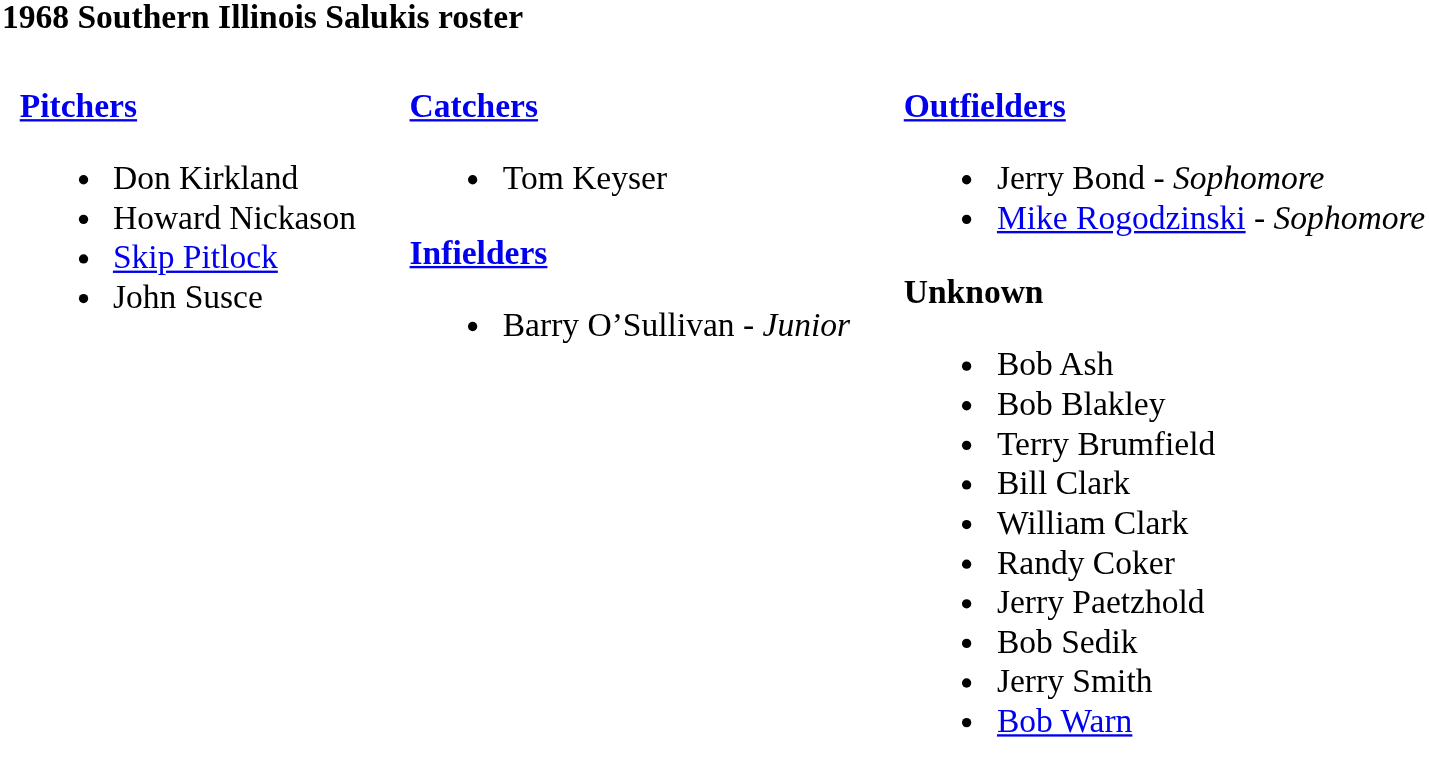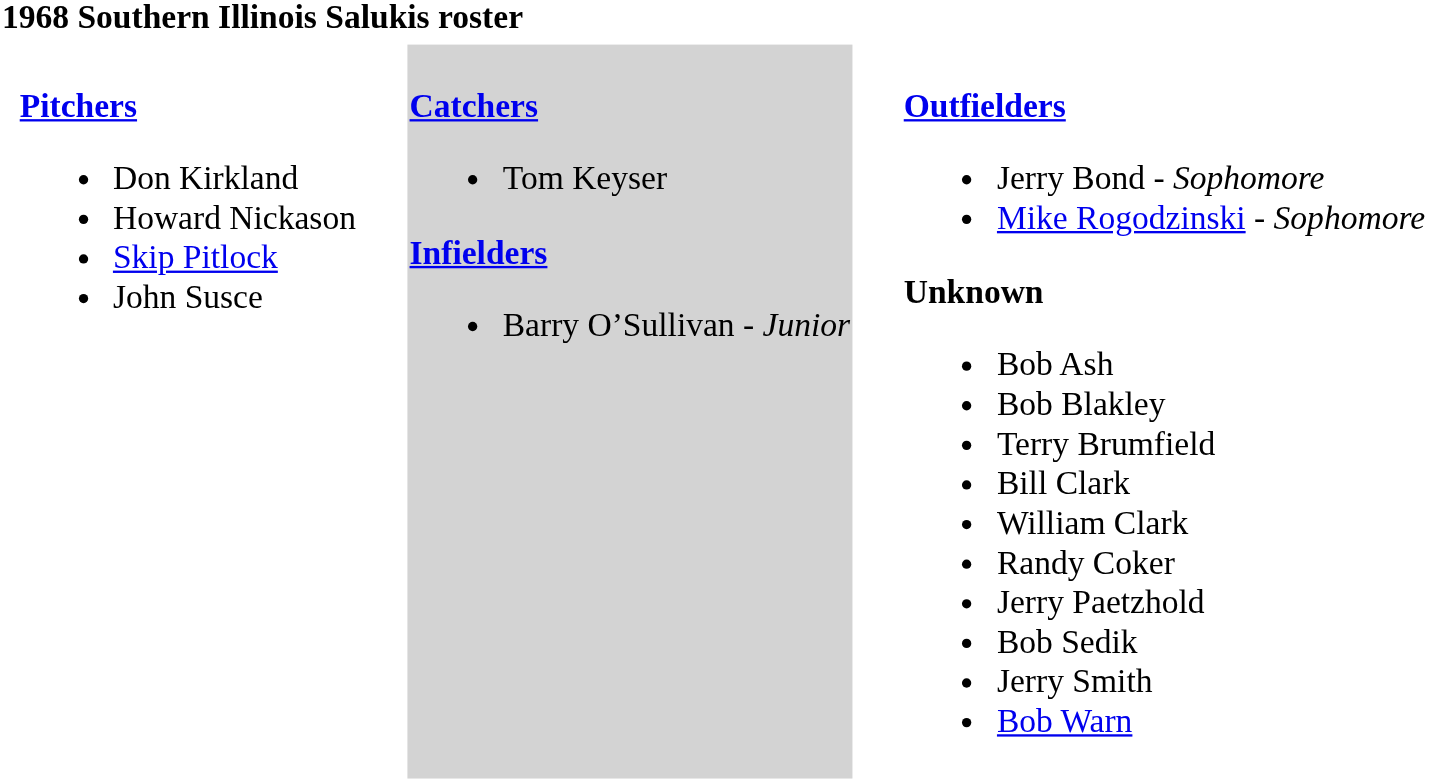 <table class="toccolours" style="text-align: left; font-size:90%;">
 <tr>
 <th colspan="9">1968 Southern Illinois Salukis roster</th>
 </tr>
 <tr>
 <td width="03"> </td>
 <td valign="top"><br><strong><a href='#'>Pitchers</a></strong><ul><li>Don Kirkland</li><li>Howard Nickason</li><li><a href='#'>Skip Pitlock</a></li><li>John Susce</li></ul></td>
 <td width="15"> </td>
-<td valign="top"><br><strong><a href='#'>Catchers</a></strong><ul><li>Tom Keyser</li></ul><strong><a href='#'>Infielders</a></strong><ul><li>Barry O’Sullivan - <em>Junior</em></li></ul></td>
+<td valign="top" style="background: lightgrey;"><br><strong><a href='#'>Catchers</a></strong><ul><li>Tom Keyser</li></ul><strong><a href='#'>Infielders</a></strong><ul><li>Barry O’Sullivan - <em>Junior</em></li></ul></td>
 <td width="15"> </td>
 <td valign="top"><br><strong><a href='#'>Outfielders</a></strong><ul><li>Jerry Bond - <em>Sophomore</em></li><li><a href='#'>Mike Rogodzinski</a> - <em>Sophomore</em></li></ul><strong>Unknown</strong><ul><li>Bob Ash</li><li>Bob Blakley</li><li>Terry Brumfield</li><li>Bill Clark</li><li>William Clark</li><li>Randy Coker</li><li>Jerry Paetzhold</li><li>Bob Sedik</li><li>Jerry Smith</li><li><a href='#'>Bob Warn</a></li></ul></td>
 </tr>
 </table>
